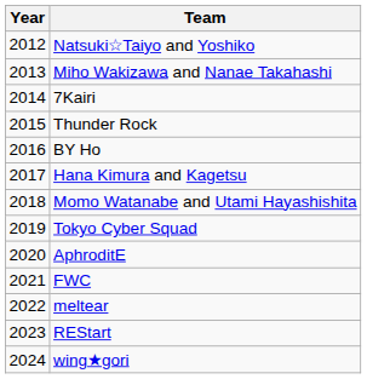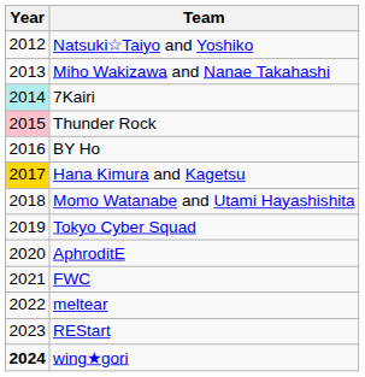 <table class="wikitable">
 <tr>
 <th>Year</th>
 <th>Team</th>
 </tr>
 <tr>
 <td>2012</td>
 <td><a href='#'>Natsuki☆Taiyo</a> and <a href='#'>Yoshiko</a></td>
 </tr>
 <tr>
 <td>2013</td>
 <td><a href='#'>Miho Wakizawa</a> and <a href='#'>Nanae Takahashi</a></td>
 </tr>
 <tr>
-<td>2014</td>
+<td style="background: paleturquoise;">2014</td>
 <td>7Kairi<br></td>
 </tr>
 <tr>
-<td>2015</td>
+<td style="background: pink;">2015</td>
 <td>Thunder Rock<br></td>
 </tr>
 <tr>
 <td>2016</td>
 <td>BY Ho<br></td>
 </tr>
 <tr>
-<td>2017</td>
+<td style="background: gold;">2017</td>
 <td><a href='#'>Hana Kimura</a> and <a href='#'>Kagetsu</a></td>
 </tr>
 <tr>
 <td>2018</td>
 <td><a href='#'>Momo Watanabe</a> and <a href='#'>Utami Hayashishita</a></td>
 </tr>
 <tr>
 <td>2019</td>
 <td><a href='#'>Tokyo Cyber Squad</a><br></td>
 </tr>
 <tr>
 <td>2020</td>
 <td><a href='#'>AphroditE</a><br></td>
 </tr>
 <tr>
 <td>2021</td>
 <td><a href='#'>FWC</a><br></td>
 </tr>
 <tr>
 <td>2022</td>
 <td><a href='#'>meltear</a><br></td>
 </tr>
 <tr>
 <td>2023</td>
 <td><a href='#'>REStart</a><br></td>
 </tr>
 <tr>
-<td>2024</td>
+<td><strong>2024</strong></td>
 <td><a href='#'>wing★gori</a><br></td>
 </tr>
 </table>
